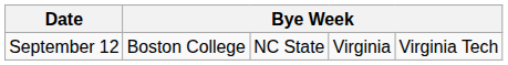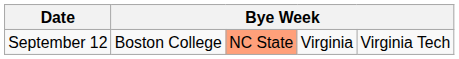 <table class="wikitable" style="font-size:95%;">
 <tr>
 <th>Date</th>
 <th colspan="4">Bye Week</th>
 </tr>
 <tr>
 <td>September 12</td>
 <td>Boston College</td>
-<td>NC State</td>
+<td style="background: lightsalmon;">NC State</td>
 <td>Virginia</td>
 <td>Virginia Tech</td>
 </tr>
 </table>
